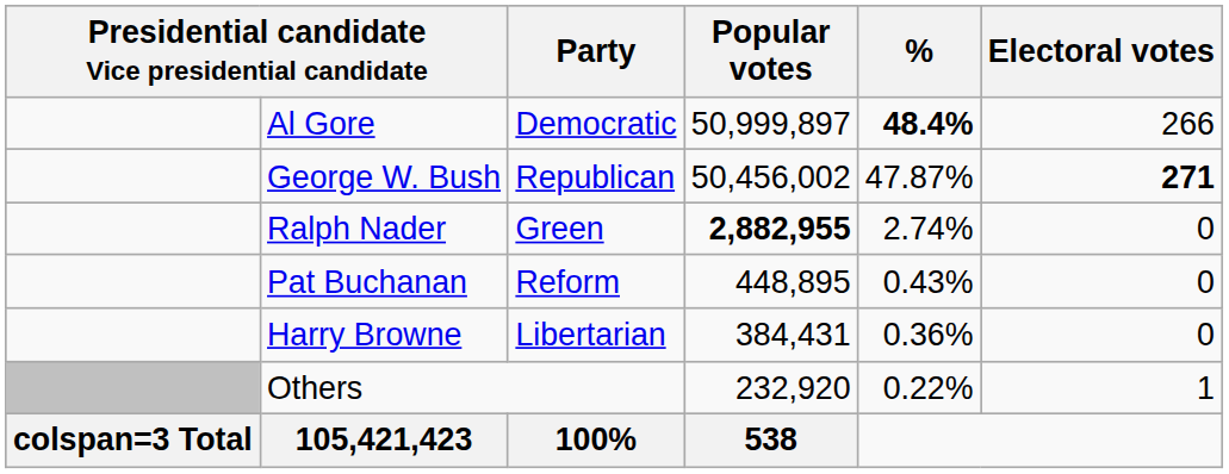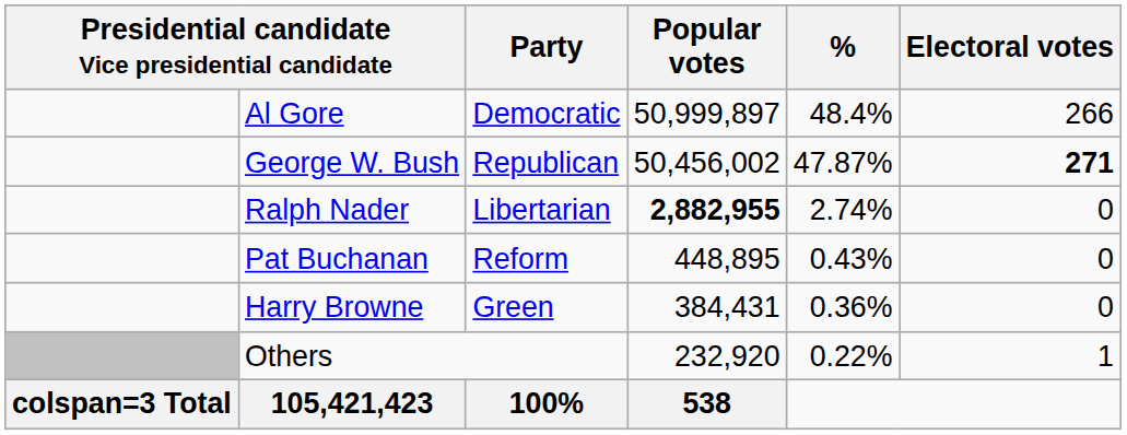 <table class="wikitable" style="text-align:right; line-height:1.2">
 <tr>
 <th colspan=2>Presidential candidate<br><small>Vice presidential candidate</small></th>
 <th>Party</th>
 <th>Popular<br>votes</th>
 <th>%</th>
 <th>Electoral votes</th>
 </tr>
 <tr>
 <td style=background:></td>
 <td align=left><a href='#'>Al Gore</a><br></td>
 <td align=left><a href='#'>Democratic</a></td>
 <td>50,999,897</td>
-<td><strong>48.4%</strong></td>
+<td>48.4%</td>
 <td>266</td>
 </tr>
 <tr>
 <td style=background-color:></td>
 <td align=left><a href='#'>George W. Bush</a><br></td>
 <td align=left><a href='#'>Republican</a></td>
 <td>50,456,002</td>
 <td>47.87%</td>
 <td><strong>271</strong></td>
 </tr>
 <tr>
 <td style=background:></td>
 <td align=left><a href='#'>Ralph Nader</a><br></td>
-<td align=left><a href='#'>Green</a></td>
+<td align=left><a href='#'>Libertarian</a></td>
 <td><strong>2,882,955</strong></td>
 <td>2.74%</td>
 <td>0</td>
 </tr>
 <tr>
 <td style=background:></td>
 <td align=left><a href='#'>Pat Buchanan</a><br></td>
 <td align=left><a href='#'>Reform</a></td>
 <td>448,895</td>
 <td>0.43%</td>
 <td>0</td>
 </tr>
 <tr>
 <td style=background:></td>
 <td align=left><a href='#'>Harry Browne</a><br></td>
-<td align=left><a href='#'>Libertarian</a></td>
+<td align=left><a href='#'>Green</a></td>
 <td>384,431</td>
 <td>0.36%</td>
 <td>0</td>
 </tr>
 <tr>
 <td bgcolor=#C0C0C0></td>
 <td colspan=2 align=left>Others</td>
 <td>232,920</td>
 <td>0.22%</td>
 <td> 1</td>
 </tr>
 <tr>
 <th>colspan=3  Total</th>
 <th> 105,421,423</th>
 <th> 100%</th>
 <th> 538</th>
 </tr>
 </table>
